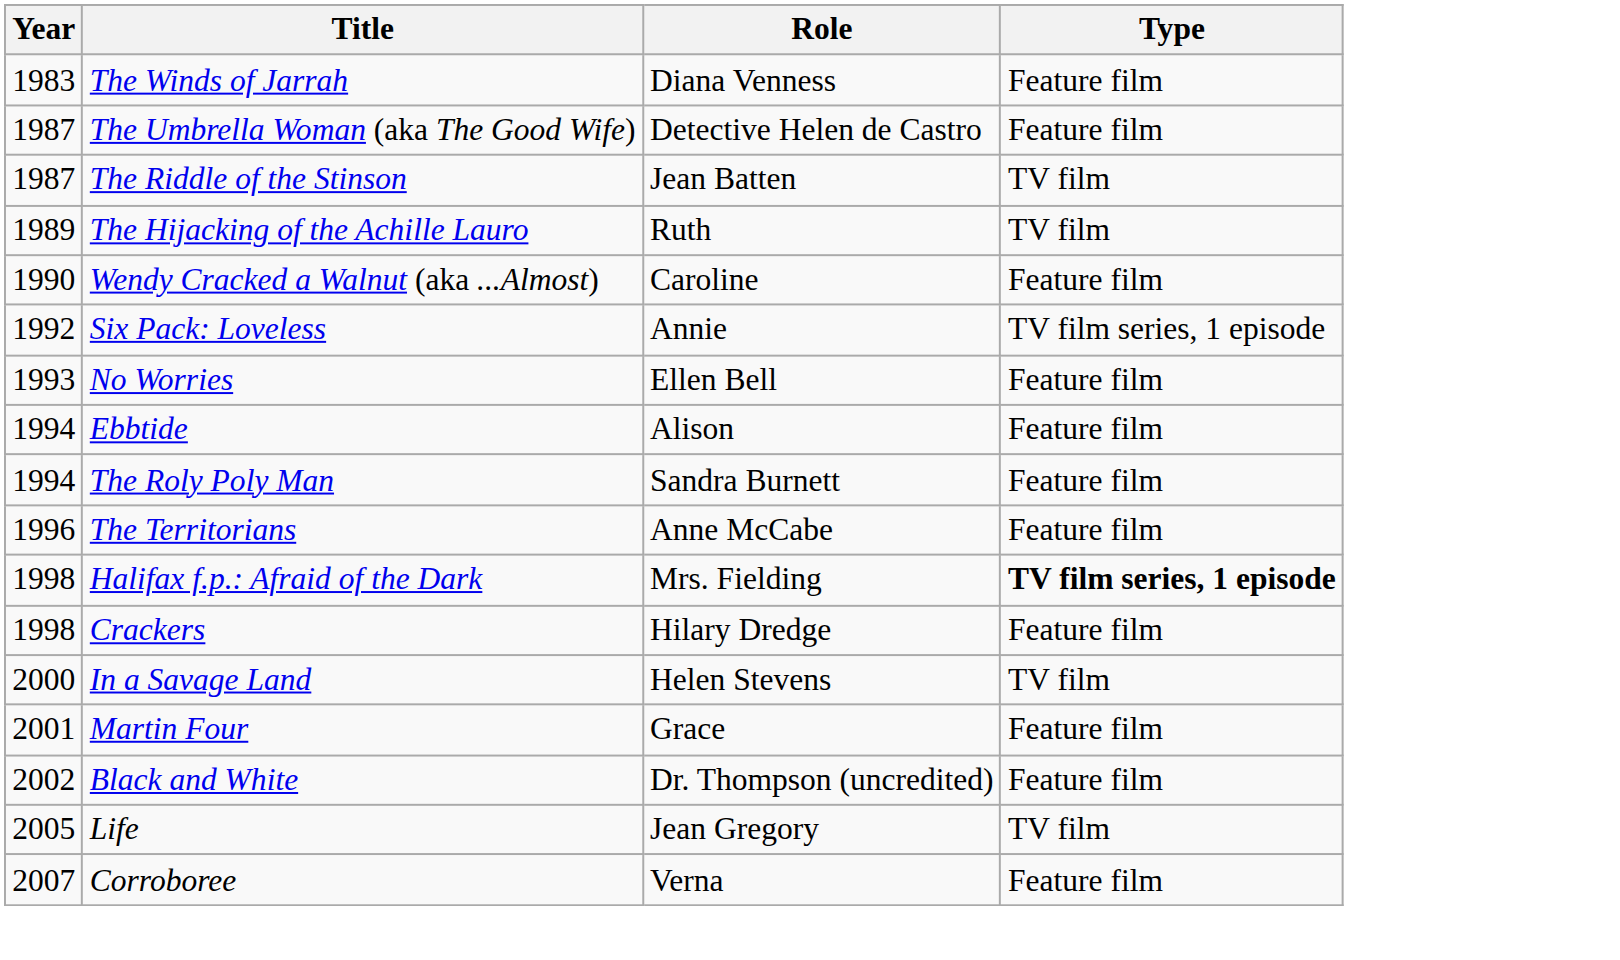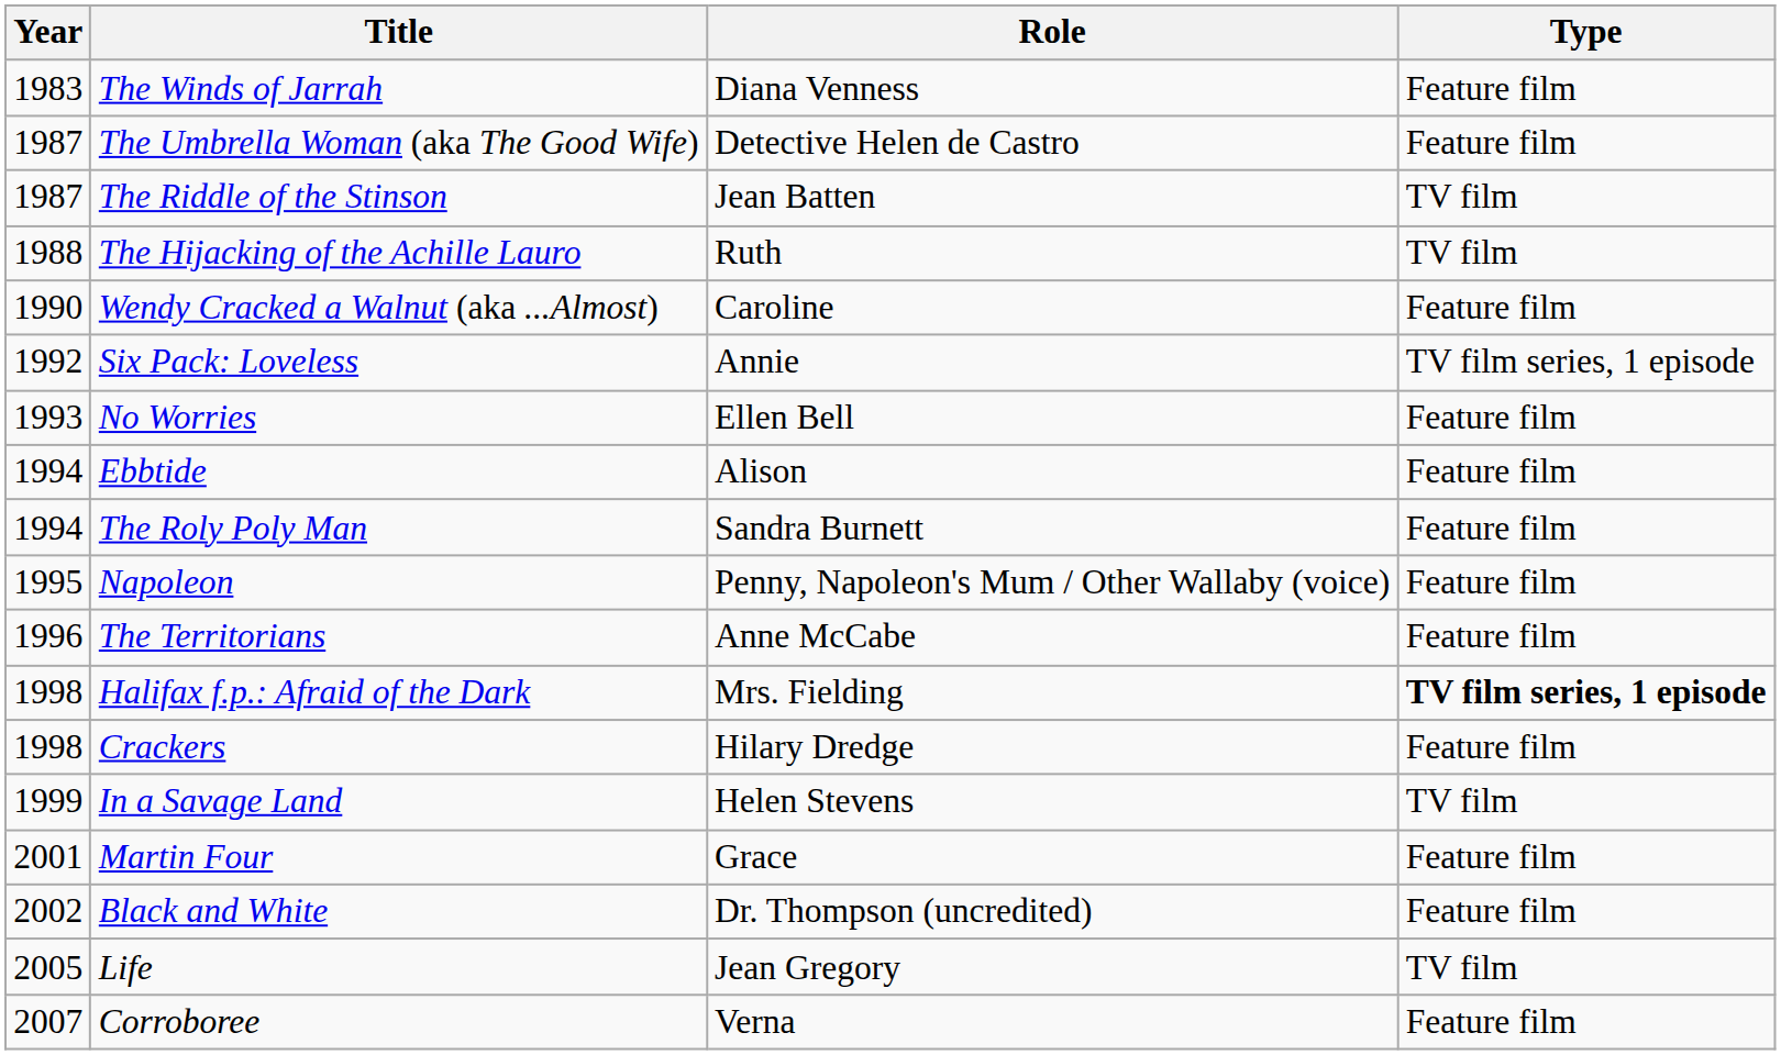 <table class="wikitable">
 <tr>
 <th>Year</th>
 <th>Title</th>
 <th>Role</th>
 <th>Type</th>
 </tr>
 <tr>
 <td>1983</td>
 <td><em><a href='#'>The Winds of Jarrah</a></em></td>
 <td>Diana Venness</td>
 <td>Feature film</td>
 </tr>
 <tr>
 <td>1987</td>
 <td><em><a href='#'>The Umbrella Woman</a></em> (aka <em>The Good Wife</em>)</td>
 <td>Detective Helen de Castro</td>
 <td>Feature film</td>
 </tr>
 <tr>
 <td>1987</td>
 <td><em><a href='#'>The Riddle of the Stinson</a></em></td>
 <td>Jean Batten</td>
 <td>TV film</td>
 </tr>
 <tr>
-<td>1989</td>
+<td>1988</td>
 <td><em><a href='#'>The Hijacking of the Achille Lauro</a></em></td>
 <td>Ruth</td>
 <td>TV film</td>
 </tr>
 <tr>
 <td>1990</td>
 <td><em><a href='#'>Wendy Cracked a Walnut</a></em> (aka <em>...Almost</em>)</td>
 <td>Caroline</td>
 <td>Feature film</td>
 </tr>
 <tr>
 <td>1992</td>
 <td><em><a href='#'>Six Pack: Loveless</a></em></td>
 <td>Annie</td>
 <td>TV film series, 1 episode</td>
 </tr>
 <tr>
 <td>1993</td>
 <td><em><a href='#'>No Worries</a></em></td>
 <td>Ellen Bell</td>
 <td>Feature film</td>
 </tr>
 <tr>
 <td>1994</td>
 <td><em><a href='#'>Ebbtide</a></em></td>
 <td>Alison</td>
 <td>Feature film</td>
 </tr>
 <tr>
 <td>1994</td>
 <td><em><a href='#'>The Roly Poly Man</a></em></td>
 <td>Sandra Burnett</td>
 <td>Feature film</td>
 </tr>
 <tr>
+<td>1995</td>
+<td><em><a href='#'>Napoleon</a></em></td>
+<td>Penny, Napoleon's Mum / Other Wallaby (voice)</td>
+<td>Feature film</td>
+</tr>
+<tr>
 <td>1996</td>
 <td><em><a href='#'>The Territorians</a></em></td>
 <td>Anne McCabe</td>
 <td>Feature film</td>
 </tr>
 <tr>
 <td>1998</td>
 <td><em><a href='#'>Halifax f.p.: Afraid of the Dark</a></em></td>
 <td>Mrs. Fielding</td>
 <td><strong>TV film series, 1 episode</strong></td>
 </tr>
 <tr>
 <td>1998</td>
 <td><em><a href='#'>Crackers</a></em></td>
 <td>Hilary Dredge</td>
 <td>Feature film</td>
 </tr>
 <tr>
-<td>2000</td>
+<td>1999</td>
 <td><em><a href='#'>In a Savage Land</a></em></td>
 <td>Helen Stevens</td>
 <td>TV film</td>
 </tr>
 <tr>
 <td>2001</td>
 <td><em><a href='#'>Martin Four</a></em></td>
 <td>Grace</td>
 <td>Feature film</td>
 </tr>
 <tr>
 <td>2002</td>
 <td><em><a href='#'>Black and White</a></em></td>
 <td>Dr. Thompson (uncredited)</td>
 <td>Feature film</td>
 </tr>
 <tr>
 <td>2005</td>
 <td><em>Life</em></td>
 <td>Jean Gregory</td>
 <td>TV film</td>
 </tr>
 <tr>
 <td>2007</td>
 <td><em>Corroboree</em></td>
 <td>Verna</td>
 <td>Feature film</td>
 </tr>
 </table>
